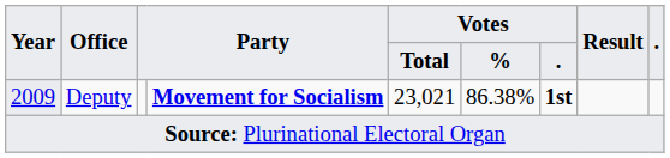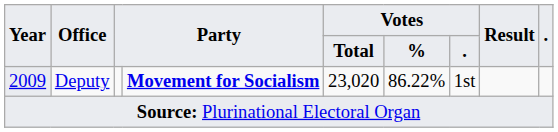 <table class="wikitable" style="font-size:90%; text-align:center;">
 <tr>
 <th style="background-color:#EAECF0;" rowspan=2>Year</th>
 <th style="background-color:#EAECF0;" rowspan=2>Office</th>
 <th style="background-color:#EAECF0;" colspan=2 rowspan=2>Party</th>
 <th style="background-color:#EAECF0;" colspan=3>Votes</th>
 <th style="background-color:#EAECF0;" rowspan=2>Result</th>
 <th style="background-color:#EAECF0;" rowspan=2>.</th>
 </tr>
 <tr>
 <th style="background-color:#EAECF0;">Total</th>
 <th style="background-color:#EAECF0;">%</th>
 <th style="background-color:#EAECF0;">.</th>
 </tr>
 <tr>
 <td style="background-color:#EAECF0;"><a href='#'>2009</a></td>
 <td><a href='#'>Deputy</a></td>
 <td style="background-color:"></td>
 <td><strong><a href='#'>Movement for Socialism</a></strong></td>
-<td>23,021</td>
-<td>86.38%</td>
-<td><strong>1st</strong></td>
+<td>23,020</td>
+<td>86.22%</td>
+<td>1st</td>
 <td></td>
 <td></td>
 </tr>
 <tr>
 <td style="background-color:#EAECF0;" colspan=9><strong>Source:</strong> <a href='#'>Plurinational Electoral Organ</a>  </td>
 </tr>
 </table>
